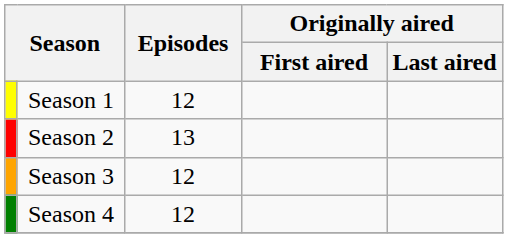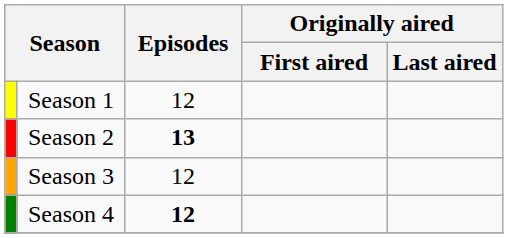 <table class="wikitable" style="text-align: center;">
 <tr>
 <th style="padding: 0 16px;" colspan="2" rowspan="2">Season</th>
 <th style="padding: 0 8px;" rowspan="2">Episodes</th>
 <th colspan="2">Originally aired</th>
 </tr>
 <tr>
 <th style="padding: 0 12px;">First aired</th>
 <th>Last aired</th>
 </tr>
 <tr>
 <td style="background:yellow;height:10px;"></td>
 <td>Season 1</td>
 <td>12</td>
 <td></td>
 <td></td>
 </tr>
 <tr>
 <td style="background:red;height:10px;"></td>
 <td>Season 2</td>
-<td>13</td>
+<td><strong>13</strong></td>
 <td></td>
 <td></td>
 </tr>
 <tr>
 <td style="background:orange;height:10px;"></td>
 <td>Season 3</td>
 <td>12</td>
 <td></td>
 <td></td>
 </tr>
 <tr>
 <td style="background:green;height:10px;"></td>
 <td>Season 4</td>
-<td>12</td>
+<td><strong>12</strong></td>
 <td></td>
 <td></td>
 </tr>
 <tr>
 </tr>
 </table>
